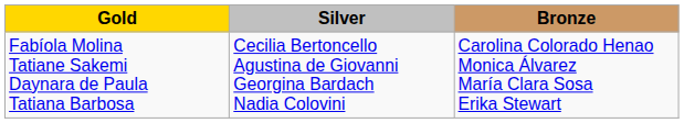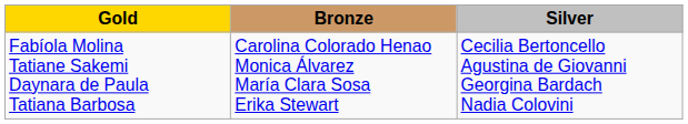 <table class="wikitable" style="text-align:left">
 <tr align="center">
 <td width=200 bgcolor=gold><strong>Gold</strong></td>
+<td width=200 bgcolor=CC9966><strong>Bronze</strong></td>
 <td width=200 bgcolor=silver><strong>Silver</strong></td>
-<td width=200 bgcolor=CC9966><strong>Bronze</strong></td>
 </tr>
 <tr>
 <td><a href='#'>Fabíola Molina</a><br><a href='#'>Tatiane Sakemi</a><br><a href='#'>Daynara de Paula</a><br><a href='#'>Tatiana Barbosa</a><br><em></em></td>
+<td><a href='#'>Carolina Colorado Henao</a><br><a href='#'>Monica Álvarez</a><br><a href='#'>María Clara Sosa</a><br><a href='#'>Erika Stewart</a><br><em></em></td>
 <td><a href='#'>Cecilia Bertoncello</a><br><a href='#'>Agustina de Giovanni</a><br><a href='#'>Georgina Bardach</a><br><a href='#'>Nadia Colovini</a><br><em></em></td>
-<td><a href='#'>Carolina Colorado Henao</a><br><a href='#'>Monica Álvarez</a><br><a href='#'>María Clara Sosa</a><br><a href='#'>Erika Stewart</a><br><em></em></td>
 </tr>
 </table>
